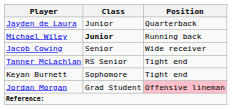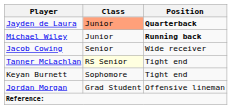 <table class="wikitable">
 <tr>
 <th style="text-align:center; ">Player</th>
 <th style="text-align:center; ">Class</th>
 <th style="text-align:center; ">Position</th>
 </tr>
 <tr>
 <td><a href='#'>Jayden de Laura</a></td>
-<td>Junior</td>
-<td>Quarterback</td>
+<td style="background: lightsalmon;">Junior</td>
+<td><strong>Quarterback</strong></td>
 </tr>
 <tr>
 <td><a href='#'>Michael Wiley</a></td>
-<td><strong>Junior</strong></td>
-<td>Running back</td>
+<td>Junior</td>
+<td><strong>Running back</strong></td>
 </tr>
 <tr>
 <td><a href='#'>Jacob Cowing</a></td>
 <td>Senior</td>
 <td>Wide receiver</td>
 </tr>
 <tr>
 <td><a href='#'>Tanner McLachlan</a></td>
-<td>RS Senior</td>
+<td style="background: lightyellow;">RS Senior</td>
 <td>Tight end</td>
 </tr>
 <tr>
 <td>Keyan Burnett</td>
 <td>Sophomore</td>
 <td>Tight end</td>
 </tr>
 <tr>
 <td><a href='#'>Jordan Morgan</a></td>
 <td>Grad Student</td>
-<td style="background: pink;">Offensive lineman</td>
+<td>Offensive lineman</td>
 </tr>
 <tr>
 <td colspan="4"  style="font-size:8pt; text-align:left;"><strong>Reference:</strong></td>
 </tr>
 </table>
